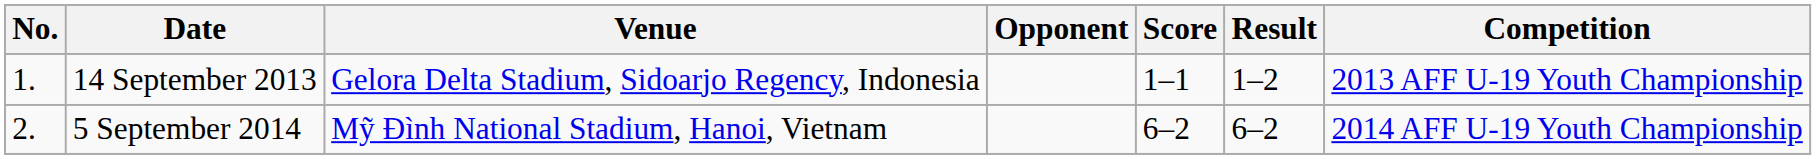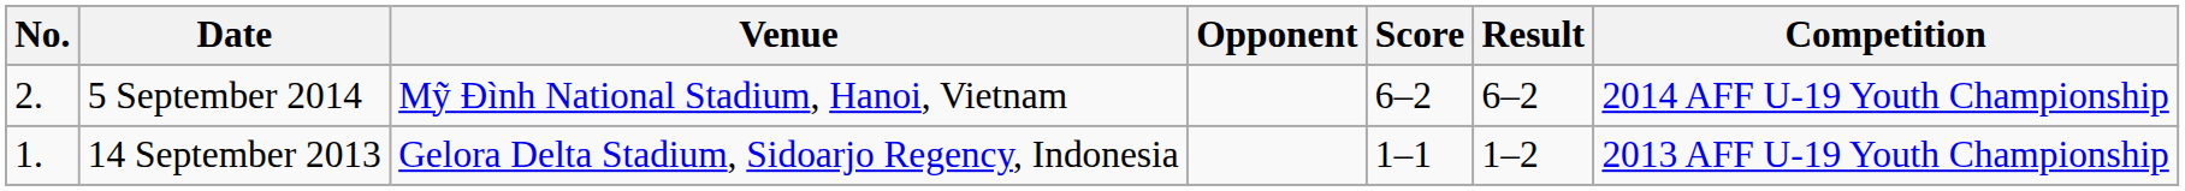 <table class="wikitable">
 <tr>
 <th>No.</th>
 <th>Date</th>
 <th>Venue</th>
 <th>Opponent</th>
 <th>Score</th>
 <th>Result</th>
 <th>Competition</th>
 </tr>
 <tr>
+<td>2.</td>
+<td>5 September 2014</td>
+<td><a href='#'>Mỹ Đình National Stadium</a>, <a href='#'>Hanoi</a>, Vietnam</td>
+<td></td>
+<td>6–2</td>
+<td>6–2</td>
+<td><a href='#'>2014 AFF U-19 Youth Championship</a></td>
+</tr>
+<tr>
 <td>1.</td>
 <td>14 September 2013</td>
 <td><a href='#'>Gelora Delta Stadium</a>, <a href='#'>Sidoarjo Regency</a>, Indonesia</td>
 <td></td>
 <td>1–1</td>
 <td>1–2</td>
 <td><a href='#'>2013 AFF U-19 Youth Championship</a></td>
 </tr>
-<tr>
-<td>2.</td>
-<td>5 September 2014</td>
-<td><a href='#'>Mỹ Đình National Stadium</a>, <a href='#'>Hanoi</a>, Vietnam</td>
-<td></td>
-<td>6–2</td>
-<td>6–2</td>
-<td><a href='#'>2014 AFF U-19 Youth Championship</a></td>
-</tr>
 </table>
